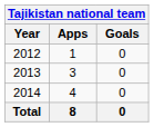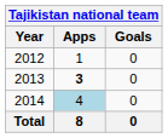 <table class="wikitable" style="text-align:center">
 <tr>
 <th colspan=3><a href='#'>Tajikistan national team</a></th>
 </tr>
 <tr>
 <th>Year</th>
 <th>Apps</th>
 <th>Goals</th>
 </tr>
 <tr>
 <td>2012</td>
 <td>1</td>
 <td>0</td>
 </tr>
 <tr>
 <td>2013</td>
-<td>3</td>
+<td><strong>3</strong></td>
 <td>0</td>
 </tr>
 <tr>
 <td>2014</td>
-<td>4</td>
+<td style="background: lightblue;">4</td>
 <td>0</td>
 </tr>
 <tr>
 <th>Total</th>
 <th>8</th>
 <th>0</th>
 </tr>
 </table>
